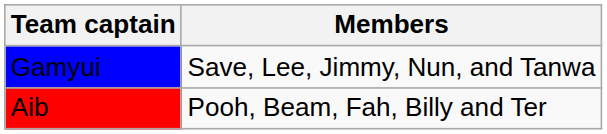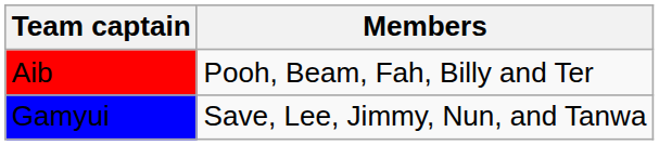 <table class="wikitable">
 <tr>
 <th>Team captain</th>
 <th>Members</th>
 </tr>
 <tr>
+<td style="background:red"><span>Aib</span></td>
+<td>Pooh, Beam, Fah, Billy and Ter</td>
+</tr>
+<tr>
 <td style="background:#0000FF"><span>Gamyui</span></td>
 <td>Save, Lee, Jimmy, Nun, and Tanwa</td>
 </tr>
-<tr>
-<td style="background:red"><span>Aib</span></td>
-<td>Pooh, Beam, Fah, Billy and Ter</td>
-</tr>
 </table>
